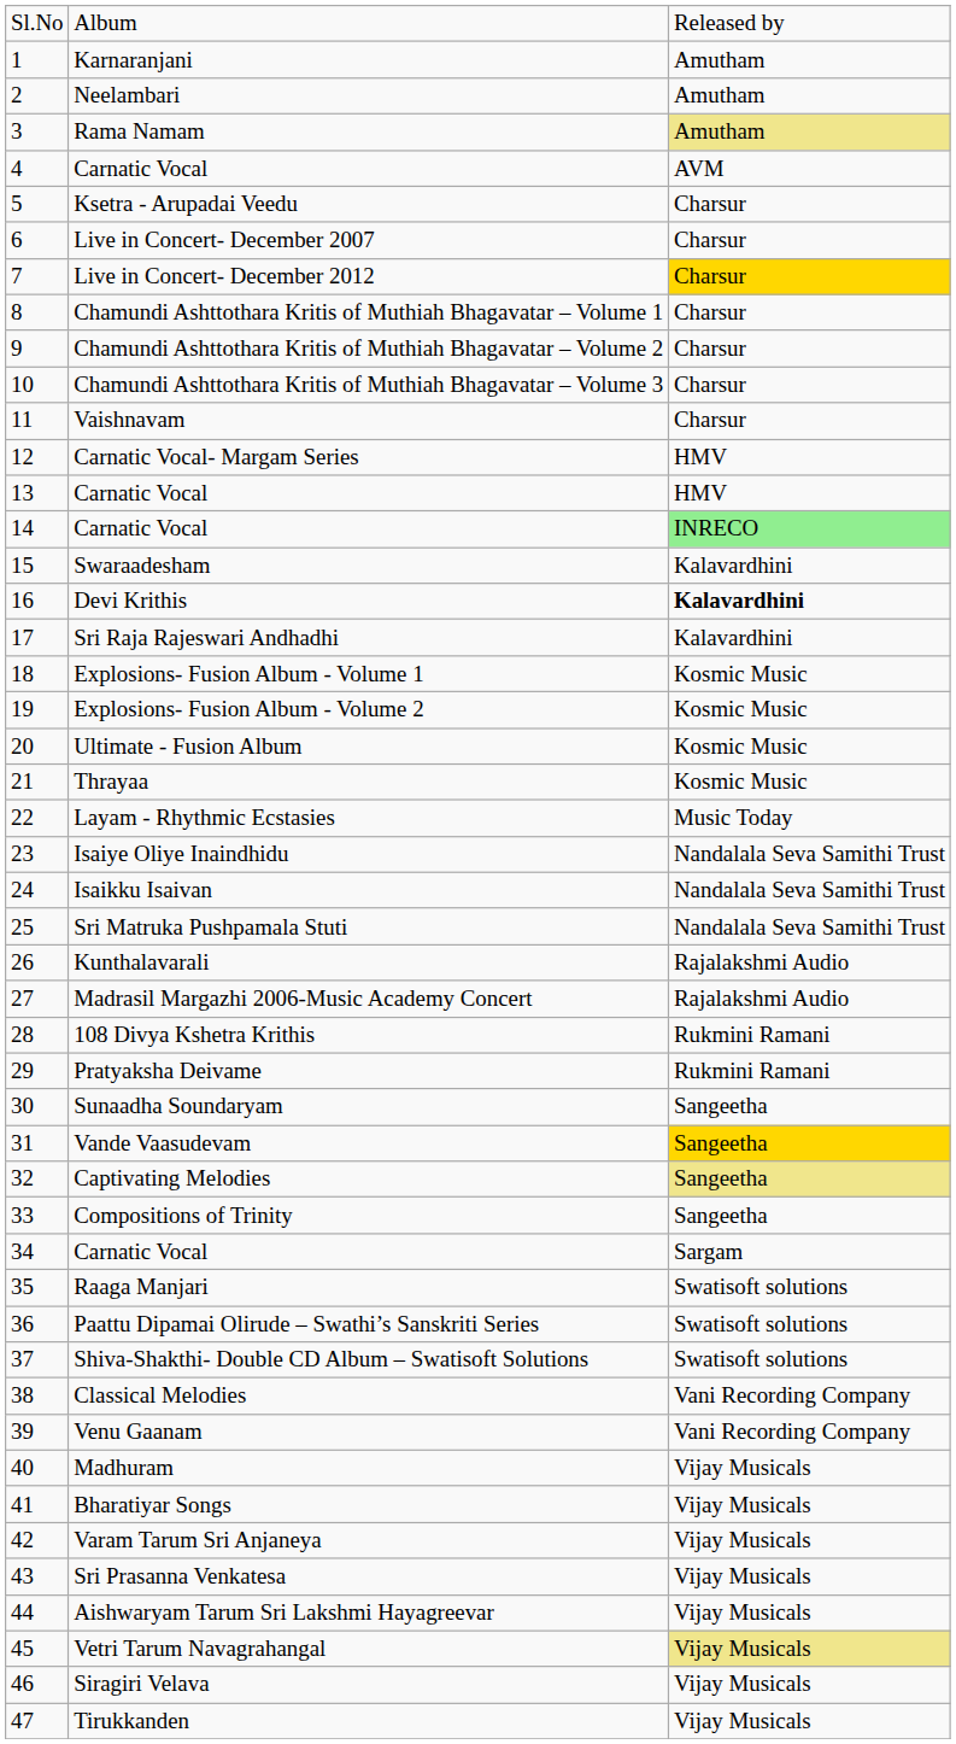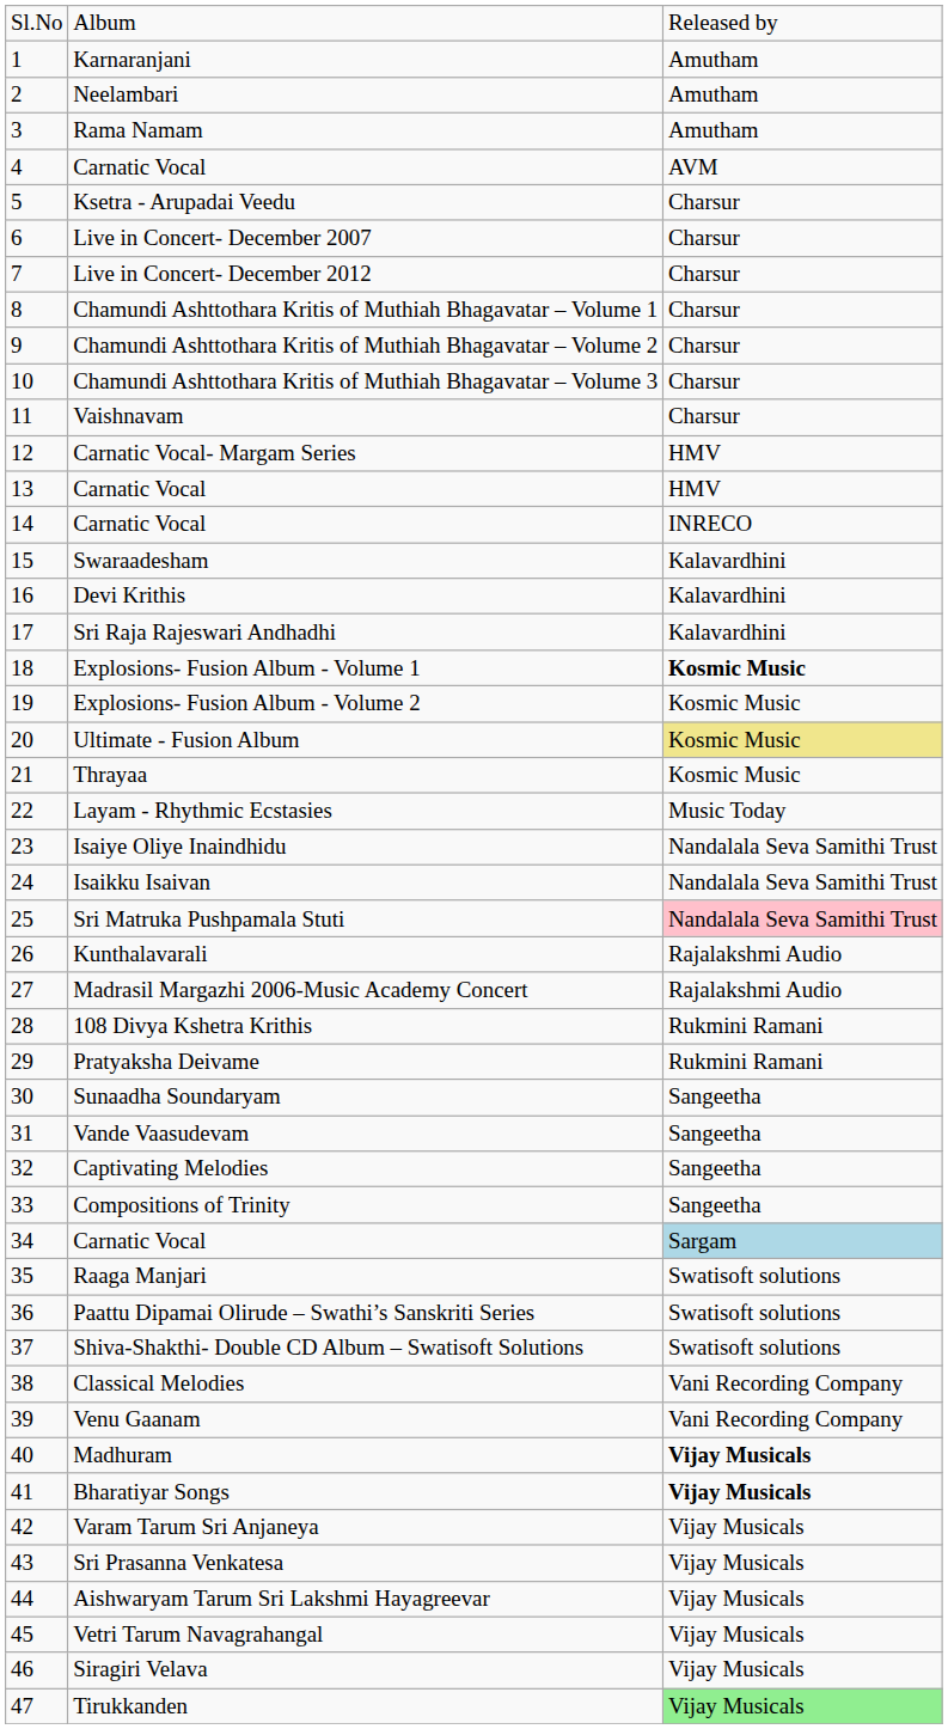 <table class="wikitable">
 <tr>
 <td>Sl.No</td>
 <td>Album</td>
 <td>Released by</td>
 </tr>
 <tr>
 <td>1</td>
 <td>Karnaranjani</td>
 <td>Amutham</td>
 </tr>
 <tr>
 <td>2</td>
 <td>Neelambari</td>
 <td>Amutham</td>
 </tr>
 <tr>
 <td>3</td>
 <td>Rama Namam</td>
-<td style="background: khaki;">Amutham</td>
+<td>Amutham</td>
 </tr>
 <tr>
 <td>4</td>
 <td>Carnatic Vocal</td>
 <td>AVM</td>
 </tr>
 <tr>
 <td>5</td>
 <td>Ksetra - Arupadai  Veedu</td>
 <td>Charsur</td>
 </tr>
 <tr>
 <td>6</td>
 <td>Live in Concert- December 2007</td>
 <td>Charsur</td>
 </tr>
 <tr>
 <td>7</td>
 <td>Live in Concert- December 2012</td>
-<td style="background: gold;">Charsur</td>
+<td>Charsur</td>
 </tr>
 <tr>
 <td>8</td>
 <td>Chamundi Ashttothara Kritis of Muthiah  Bhagavatar – Volume 1</td>
 <td>Charsur</td>
 </tr>
 <tr>
 <td>9</td>
 <td>Chamundi Ashttothara Kritis of Muthiah  Bhagavatar – Volume 2</td>
 <td>Charsur</td>
 </tr>
 <tr>
 <td>10</td>
 <td>Chamundi Ashttothara Kritis of Muthiah  Bhagavatar – Volume 3</td>
 <td>Charsur</td>
 </tr>
 <tr>
 <td>11</td>
 <td>Vaishnavam</td>
 <td>Charsur</td>
 </tr>
 <tr>
 <td>12</td>
 <td>Carnatic Vocal- Margam Series</td>
 <td>HMV</td>
 </tr>
 <tr>
 <td>13</td>
 <td>Carnatic Vocal</td>
 <td>HMV</td>
 </tr>
 <tr>
 <td>14</td>
 <td>Carnatic Vocal</td>
-<td style="background: lightgreen;">INRECO</td>
+<td>INRECO</td>
 </tr>
 <tr>
 <td>15</td>
 <td>Swaraadesham</td>
 <td>Kalavardhini</td>
 </tr>
 <tr>
 <td>16</td>
 <td>Devi Krithis</td>
-<td><strong>Kalavardhini</strong></td>
+<td>Kalavardhini</td>
 </tr>
 <tr>
 <td>17</td>
 <td>Sri Raja Rajeswari  Andhadhi</td>
 <td>Kalavardhini</td>
 </tr>
 <tr>
 <td>18</td>
 <td>Explosions- Fusion Album - Volume 1</td>
-<td>Kosmic Music</td>
+<td><strong>Kosmic Music</strong></td>
 </tr>
 <tr>
 <td>19</td>
 <td>Explosions- Fusion Album - Volume 2</td>
 <td>Kosmic Music</td>
 </tr>
 <tr>
 <td>20</td>
 <td>Ultimate - Fusion Album</td>
-<td>Kosmic Music</td>
+<td style="background: khaki;">Kosmic Music</td>
 </tr>
 <tr>
 <td>21</td>
 <td>Thrayaa</td>
 <td>Kosmic Music</td>
 </tr>
 <tr>
 <td>22</td>
 <td>Layam - Rhythmic Ecstasies</td>
 <td>Music Today</td>
 </tr>
 <tr>
 <td>23</td>
 <td>Isaiye Oliye  Inaindhidu</td>
 <td>Nandalala Seva Samithi  Trust</td>
 </tr>
 <tr>
 <td>24</td>
 <td>Isaikku Isaivan</td>
 <td>Nandalala Seva Samithi Trust</td>
 </tr>
 <tr>
 <td>25</td>
 <td>Sri Matruka  Pushpamala Stuti</td>
-<td>Nandalala Seva Samithi Trust</td>
+<td style="background: pink;">Nandalala Seva Samithi Trust</td>
 </tr>
 <tr>
 <td>26</td>
 <td>Kunthalavarali</td>
 <td>Rajalakshmi Audio</td>
 </tr>
 <tr>
 <td>27</td>
 <td>Madrasil Margazhi  2006-Music Academy Concert</td>
 <td>Rajalakshmi Audio</td>
 </tr>
 <tr>
 <td>28</td>
 <td>108 Divya Kshetra Krithis</td>
 <td>Rukmini Ramani</td>
 </tr>
 <tr>
 <td>29</td>
 <td>Pratyaksha Deivame</td>
 <td>Rukmini Ramani</td>
 </tr>
 <tr>
 <td>30</td>
 <td>Sunaadha Soundaryam</td>
 <td>Sangeetha</td>
 </tr>
 <tr>
 <td>31</td>
 <td>Vande Vaasudevam</td>
-<td style="background: gold;">Sangeetha</td>
+<td>Sangeetha</td>
 </tr>
 <tr>
 <td>32</td>
 <td>Captivating Melodies</td>
-<td style="background: khaki;">Sangeetha</td>
+<td>Sangeetha</td>
 </tr>
 <tr>
 <td>33</td>
 <td>Compositions of  Trinity</td>
 <td>Sangeetha</td>
 </tr>
 <tr>
 <td>34</td>
 <td>Carnatic Vocal</td>
-<td>Sargam</td>
+<td style="background: lightblue;">Sargam</td>
 </tr>
 <tr>
 <td>35</td>
 <td>Raaga Manjari</td>
 <td>Swatisoft solutions</td>
 </tr>
 <tr>
 <td>36</td>
 <td>Paattu Dipamai Olirude – Swathi’s Sanskriti  Series</td>
 <td>Swatisoft solutions</td>
 </tr>
 <tr>
 <td>37</td>
 <td>Shiva-Shakthi- Double CD Album – Swatisoft  Solutions</td>
 <td>Swatisoft solutions</td>
 </tr>
 <tr>
 <td>38</td>
 <td>Classical Melodies</td>
 <td>Vani Recording  Company</td>
 </tr>
 <tr>
 <td>39</td>
 <td>Venu Gaanam</td>
 <td>Vani Recording  Company</td>
 </tr>
 <tr>
 <td>40</td>
 <td>Madhuram</td>
-<td>Vijay Musicals</td>
+<td><strong>Vijay Musicals</strong></td>
 </tr>
 <tr>
 <td>41</td>
 <td>Bharatiyar Songs</td>
-<td>Vijay Musicals</td>
+<td><strong>Vijay Musicals</strong></td>
 </tr>
 <tr>
 <td>42</td>
 <td>Varam Tarum Sri  Anjaneya</td>
 <td>Vijay Musicals</td>
 </tr>
 <tr>
 <td>43</td>
 <td>Sri Prasanna  Venkatesa</td>
 <td>Vijay Musicals</td>
 </tr>
 <tr>
 <td>44</td>
 <td>Aishwaryam Tarum Sri  Lakshmi Hayagreevar</td>
 <td>Vijay Musicals</td>
 </tr>
 <tr>
 <td>45</td>
 <td>Vetri Tarum  Navagrahangal</td>
-<td style="background: khaki;">Vijay Musicals</td>
+<td>Vijay Musicals</td>
 </tr>
 <tr>
 <td>46</td>
 <td>Siragiri Velava</td>
 <td>Vijay Musicals</td>
 </tr>
 <tr>
 <td>47</td>
 <td>Tirukkanden</td>
-<td>Vijay Musicals</td>
+<td style="background: lightgreen;">Vijay Musicals</td>
 </tr>
 </table>
